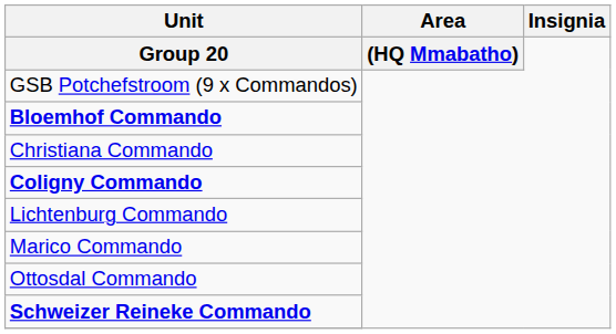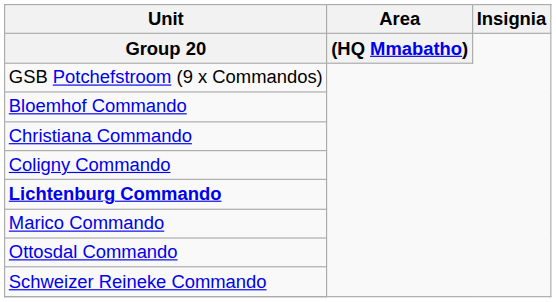 <table class="wikitable">
 <tr>
 <th>Unit</th>
 <th>Area</th>
 <th>Insignia</th>
 </tr>
 <tr>
 <th>Group 20</th>
 <th>(HQ <a href='#'>Mmabatho</a>)</th>
 </tr>
 <tr>
 <td>GSB <a href='#'>Potchefstroom</a> (9 x Commandos)</td>
 </tr>
 <tr>
-<td><strong><a href='#'>Bloemhof Commando</a></strong></td>
+<td><a href='#'>Bloemhof Commando</a></td>
 </tr>
 <tr>
 <td><a href='#'>Christiana Commando</a></td>
 </tr>
 <tr>
-<td><strong><a href='#'>Coligny Commando</a></strong></td>
+<td><a href='#'>Coligny Commando</a></td>
 </tr>
 <tr>
-<td><a href='#'>Lichtenburg Commando</a></td>
+<td><strong><a href='#'>Lichtenburg Commando</a></strong></td>
 </tr>
 <tr>
 <td><a href='#'>Marico Commando</a></td>
 </tr>
 <tr>
 <td><a href='#'>Ottosdal Commando</a></td>
 </tr>
 <tr>
-<td><strong><a href='#'>Schweizer Reineke Commando</a></strong></td>
+<td><a href='#'>Schweizer Reineke Commando</a></td>
 </tr>
 <tr>
 </tr>
 </table>
